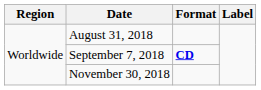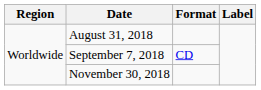 <table class="wikitable plainrowheaders">
 <tr>
 <th scope="col">Region</th>
 <th scope="col">Date</th>
 <th scope="col">Format</th>
 <th scope="col">Label</th>
 </tr>
 <tr>
 <td rowspan="3">Worldwide</td>
 <td>August 31, 2018</td>
 <td></td>
 <td rowspan="3"></td>
 </tr>
 <tr>
 <td>September 7, 2018</td>
-<td><strong><a href='#'>CD</a></strong></td>
+<td><a href='#'>CD</a></td>
 </tr>
 <tr>
 <td rowspan="3">November 30, 2018</td>
 <td></td>
 </tr>
 </table>
